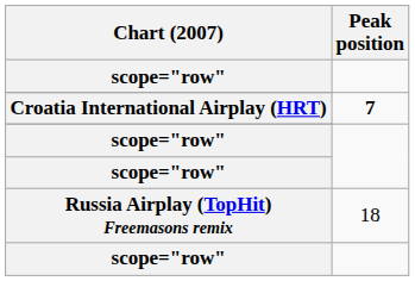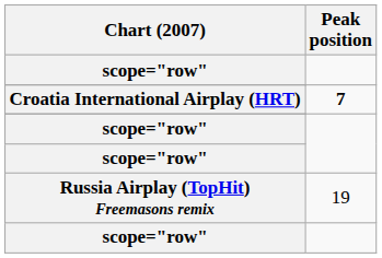 <table class="wikitable sortable plainrowheaders" style="text-align:center">
 <tr>
 <th scope="col">Chart (2007)</th>
 <th scope="col">Peak<br>position</th>
 </tr>
 <tr>
 <th>scope="row"</th>
 </tr>
 <tr>
 </tr>
 <tr>
 <th scope="row">Croatia International Airplay (<a href='#'>HRT</a>)</th>
 <td align="center"><strong>7</strong></td>
 </tr>
 <tr>
 </tr>
 <tr>
 </tr>
 <tr>
 <th>scope="row"</th>
 </tr>
 <tr>
 <th>scope="row"</th>
 </tr>
 <tr>
 <th scope="row">Russia Airplay (<a href='#'>TopHit</a>)<br><small><em>Freemasons remix</em></small></th>
-<td>18</td>
+<td>19</td>
 </tr>
 <tr>
 <th>scope="row" </th>
 </tr>
 </table>
